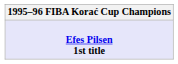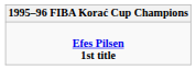 <table class=wikitable style="text-align:center; margin:auto">
 <tr>
 <th>1995–96 FIBA Korać Cup Champions</th>
 </tr>
 <tr>
-<td style="background: lavender;"><br> <strong><a href='#'>Efes Pilsen</a></strong> <br> <strong>1st title</strong></td>
+<td><br> <strong><a href='#'>Efes Pilsen</a></strong> <br> <strong>1st title</strong></td>
 </tr>
 </table>
